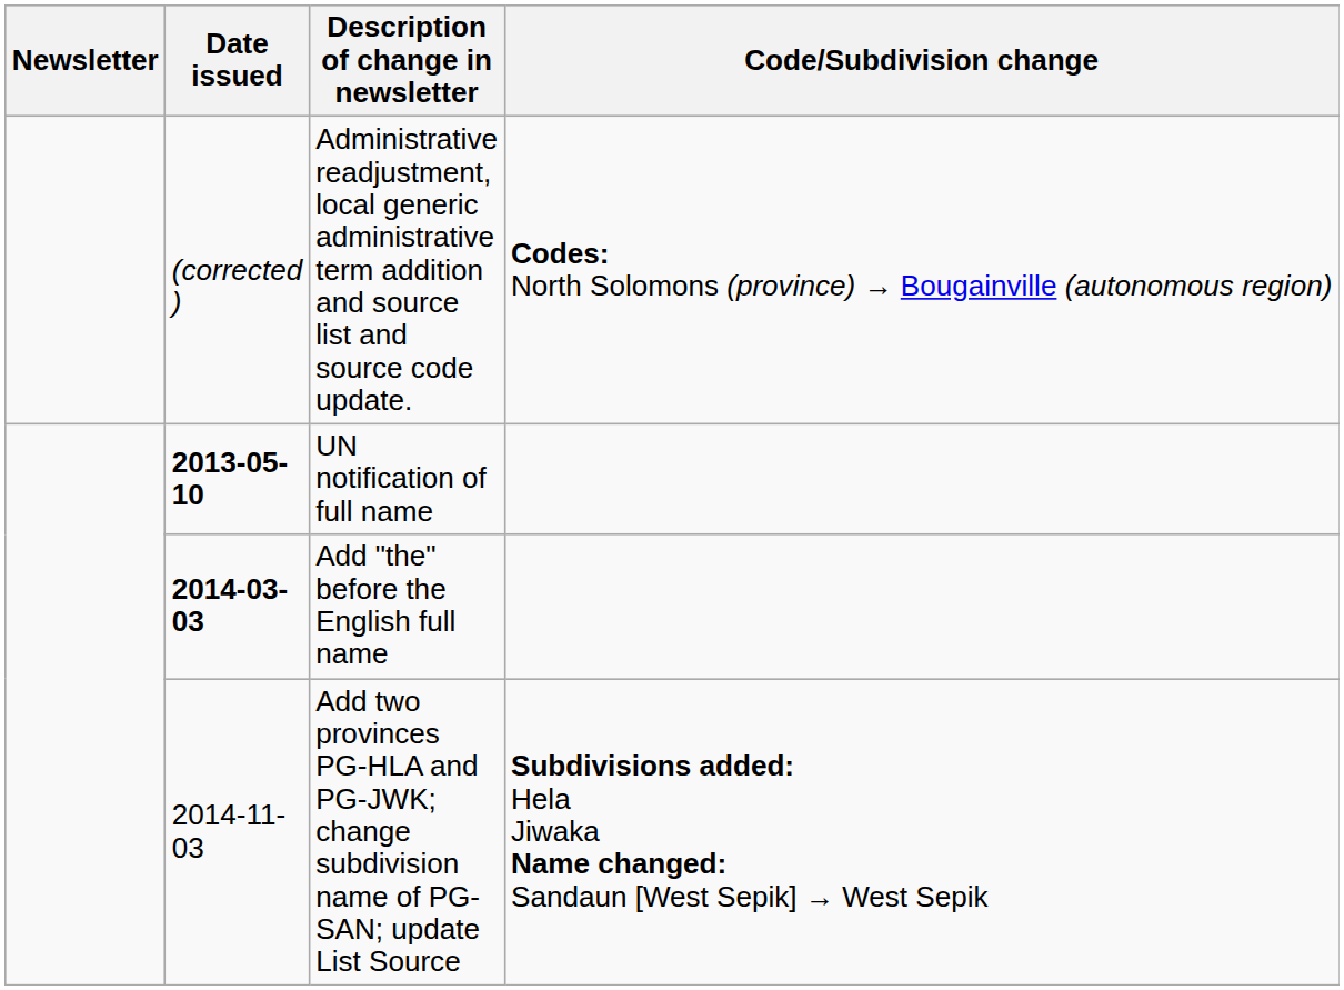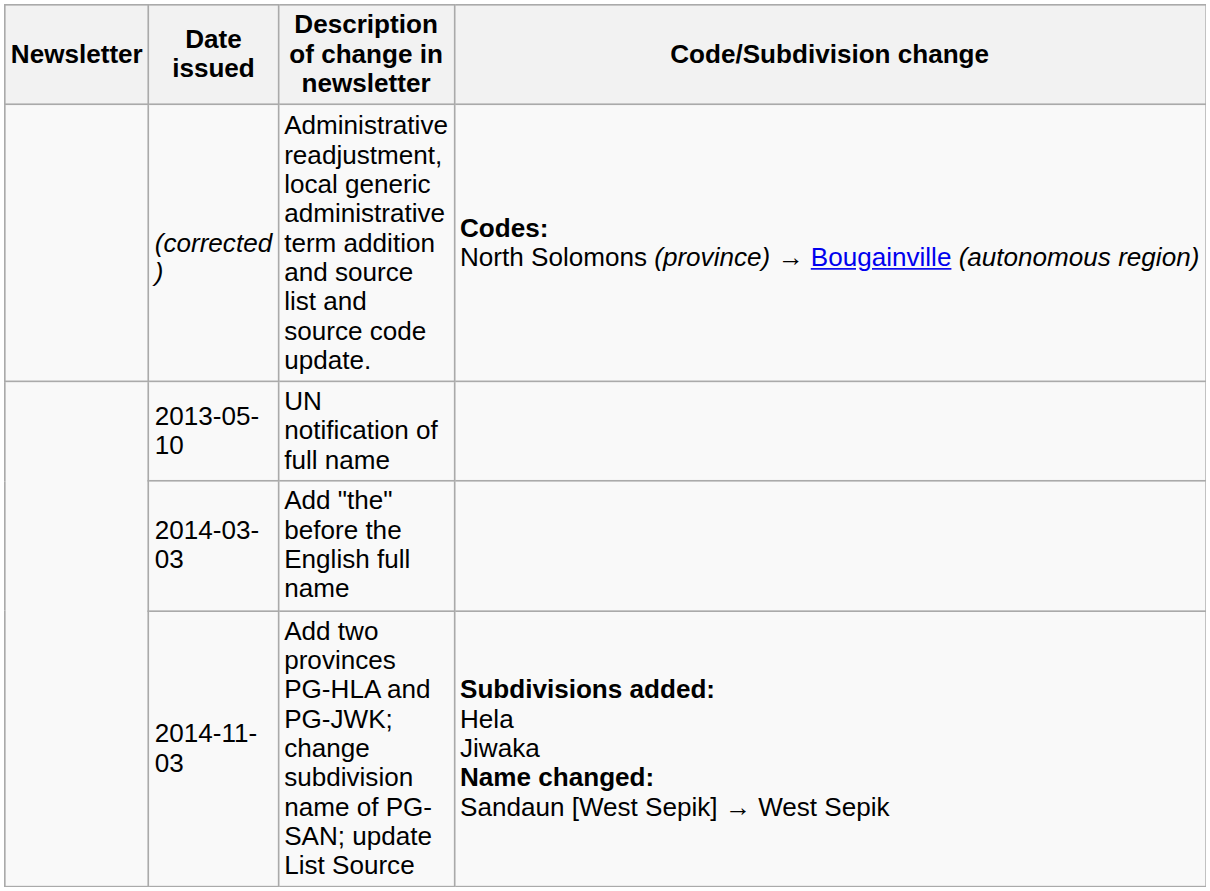 <table class="wikitable">
 <tr>
 <th>Newsletter</th>
 <th>Date issued</th>
 <th>Description of change in newsletter</th>
 <th>Code/Subdivision change</th>
 </tr>
 <tr>
 <td id="II-3"></td>
 <td><br> <em>(corrected<br> )</em></td>
 <td>Administrative readjustment, local generic administrative term addition and source list and source code update.</td>
 <td style=white-space:nowrap><strong>Codes:</strong><br>  North Solomons <em>(province)</em> →  <a href='#'>Bougainville</a> <em>(autonomous region)</em></td>
 </tr>
 <tr>
 <td rowspan="3"></td>
-<td><strong>2013-05-10</strong></td>
+<td>2013-05-10</td>
 <td>UN notification of full name</td>
 <td></td>
 </tr>
 <tr>
-<td><strong>2014-03-03</strong></td>
+<td>2014-03-03</td>
 <td>Add "the" before the English full name</td>
 <td></td>
 </tr>
 <tr>
 <td>2014-11-03</td>
 <td>Add two provinces PG-HLA and PG-JWK; change subdivision name of PG-SAN; update List Source</td>
 <td><strong>Subdivisions added:</strong><br>  Hela<br> Jiwaka<br><strong>Name changed:</strong><br>  Sandaun [West Sepik] → West Sepik</td>
 </tr>
 </table>
